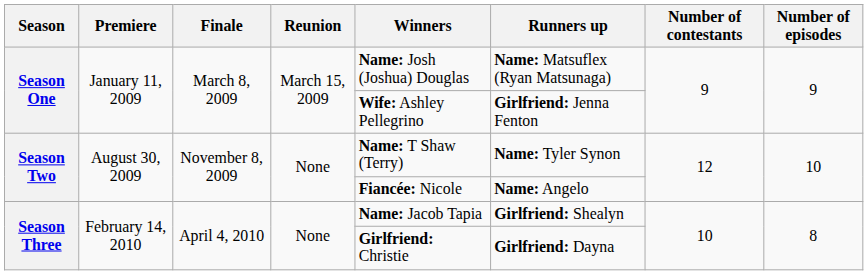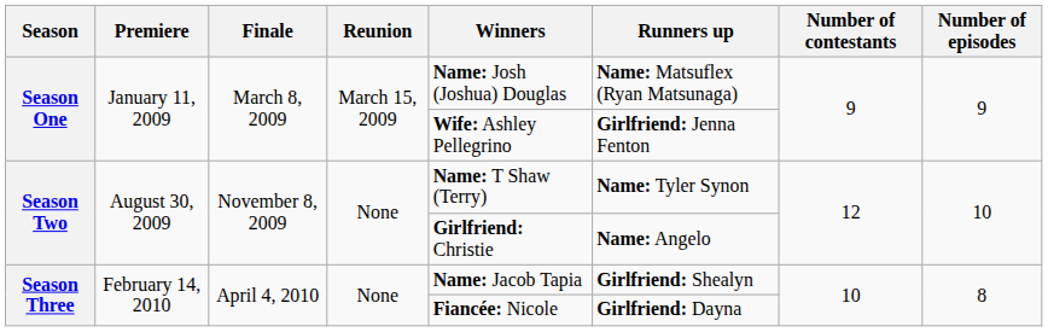 <table class="wikitable" style="text-align:center">
 <tr>
 <th>Season</th>
 <th>Premiere</th>
 <th>Finale</th>
 <th>Reunion</th>
 <th>Winners</th>
 <th>Runners up</th>
 <th>Number of contestants</th>
 <th>Number of episodes</th>
 </tr>
 <tr>
 <th rowspan=2><a href='#'>Season One</a></th>
 <td rowspan=2>January 11, 2009</td>
 <td rowspan=2>March 8, 2009</td>
 <td rowspan=2>March 15, 2009</td>
 <td align="left"><strong>Name:</strong> Josh (Joshua) Douglas</td>
 <td align="left"><strong>Name:</strong> Matsuflex (Ryan Matsunaga)</td>
 <td rowspan=2>9</td>
 <td rowspan=2>9</td>
 </tr>
 <tr>
 <td align="left"><strong>Wife:</strong> Ashley Pellegrino</td>
 <td align="left"><strong>Girlfriend:</strong> Jenna Fenton</td>
 </tr>
 <tr>
 <th rowspan=2><a href='#'>Season Two</a></th>
 <td rowspan=2>August 30, 2009</td>
 <td rowspan=2>November 8, 2009</td>
 <td rowspan=2>None</td>
 <td align="left"><strong>Name:</strong> T Shaw (Terry)</td>
 <td align="left"><strong>Name:</strong> Tyler Synon</td>
 <td rowspan=2>12</td>
 <td rowspan=2>10</td>
 </tr>
 <tr>
-<td align="left"><strong>Fiancée:</strong> Nicole</td>
+<td align="left"><strong>Girlfriend:</strong> Christie</td>
 <td align="left"><strong>Name:</strong> Angelo</td>
 </tr>
 <tr>
 <th rowspan=2><a href='#'>Season Three</a></th>
 <td rowspan=2>February 14, 2010</td>
 <td rowspan=2>April 4, 2010</td>
 <td rowspan=2>None</td>
 <td align="left"><strong>Name:</strong> Jacob Tapia</td>
 <td align="left"><strong>Girlfriend:</strong> Shealyn</td>
 <td rowspan=2>10</td>
 <td rowspan=2>8</td>
 </tr>
 <tr>
-<td align="left"><strong>Girlfriend:</strong> Christie</td>
+<td align="left"><strong>Fiancée:</strong> Nicole</td>
 <td align="left"><strong>Girlfriend:</strong> Dayna</td>
 </tr>
 </table>
